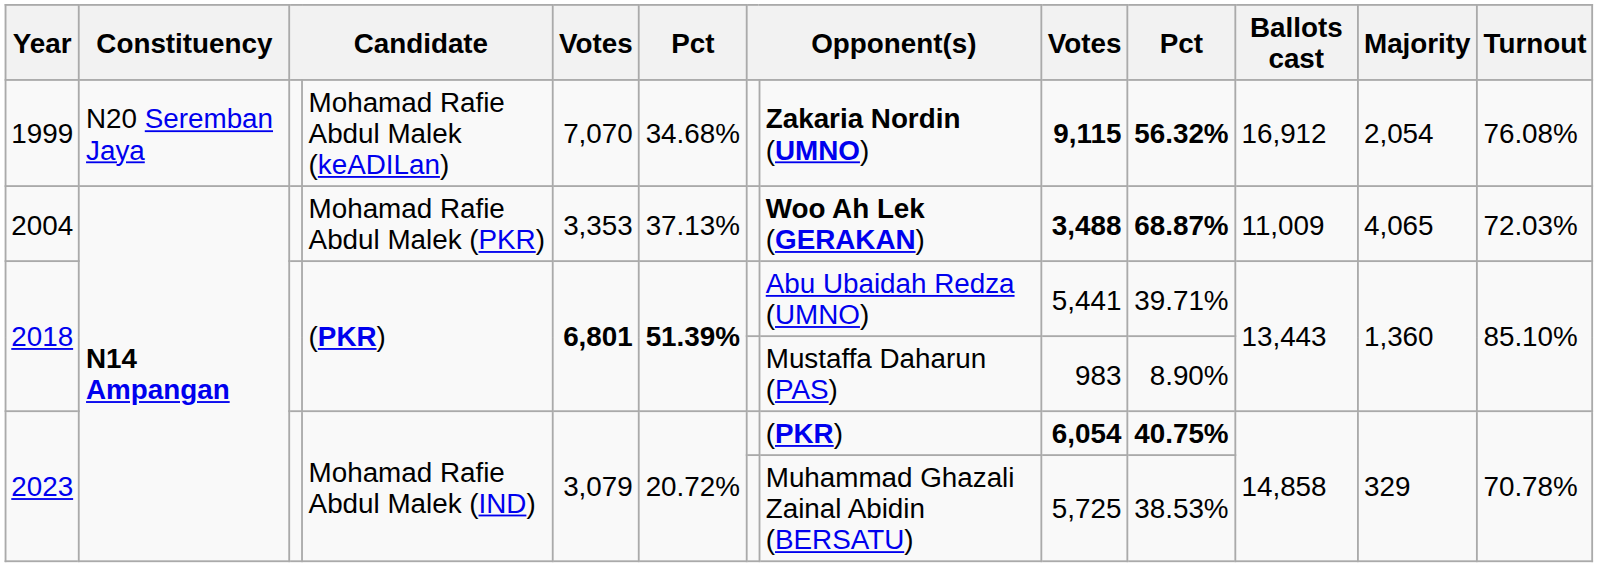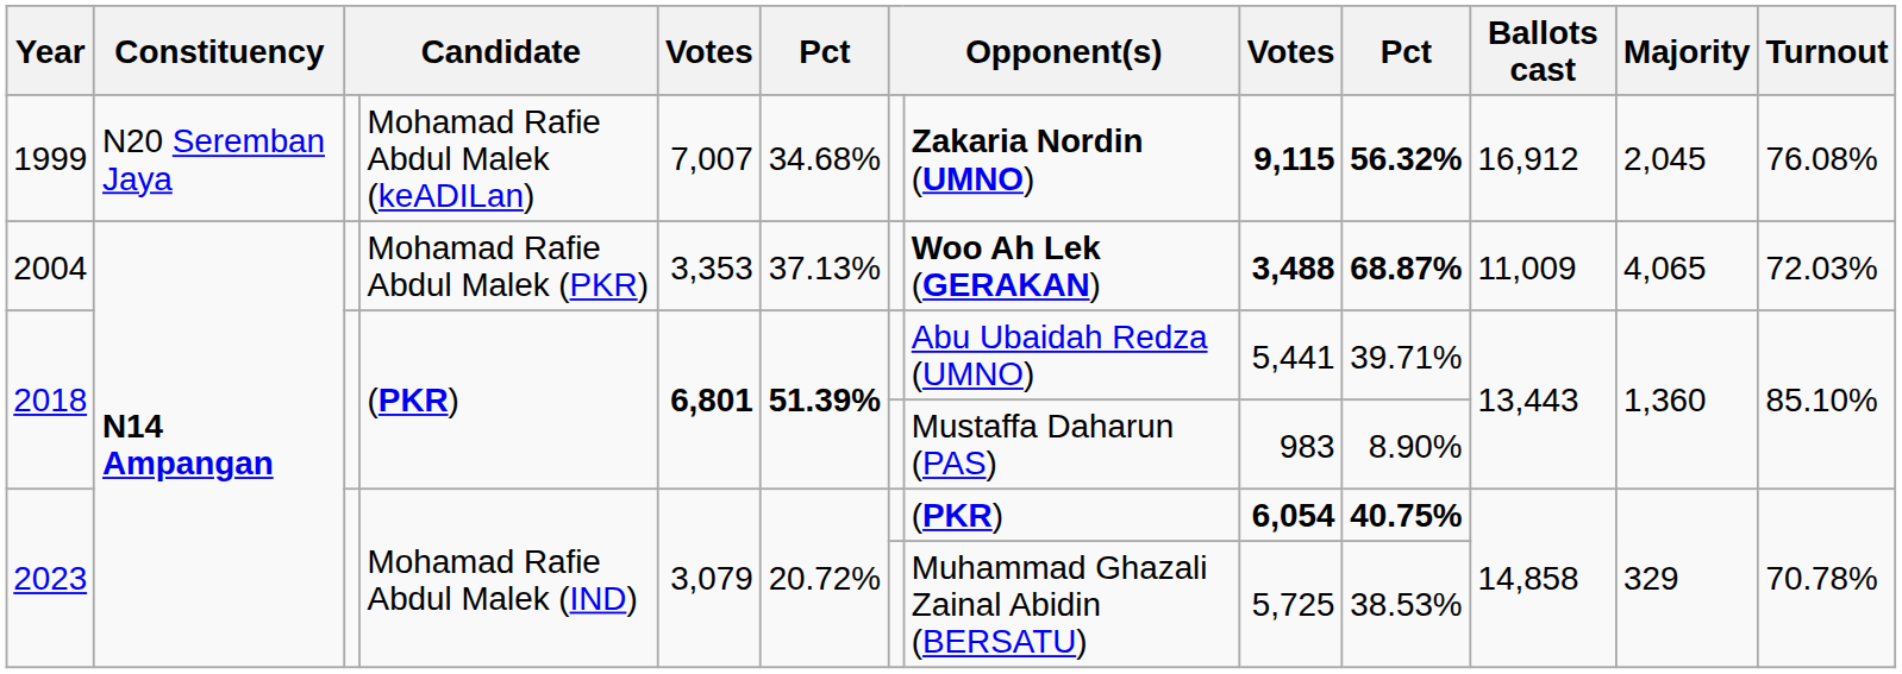 <table class="wikitable" style="margin:0.5em ; font-size:95%">
 <tr>
 <th>Year</th>
 <th>Constituency</th>
 <th colspan=2>Candidate</th>
 <th>Votes</th>
 <th>Pct</th>
 <th colspan=2>Opponent(s)</th>
 <th>Votes</th>
 <th>Pct</th>
 <th>Ballots cast</th>
 <th>Majority</th>
 <th>Turnout</th>
 </tr>
 <tr>
 <td>1999</td>
 <td>N20 <a href='#'>Seremban Jaya</a></td>
 <td></td>
 <td>Mohamad Rafie Abdul Malek (<a href='#'>keADILan</a>)</td>
-<td align="right">7,070</td>
+<td align="right">7,007</td>
 <td>34.68%</td>
 <td></td>
 <td><strong>Zakaria Nordin</strong> (<a href='#'><strong>UMNO</strong></a>)</td>
 <td align="right"><strong>9,115</strong></td>
 <td><strong>56.32%</strong></td>
 <td>16,912</td>
-<td>2,054</td>
+<td>2,045</td>
 <td>76.08%</td>
 </tr>
 <tr>
 <td>2004</td>
 <td rowspan=5><strong>N14 <a href='#'>Ampangan</a></strong></td>
 <td></td>
 <td>Mohamad Rafie Abdul Malek (<a href='#'>PKR</a>)</td>
 <td align="right">3,353</td>
 <td>37.13%</td>
 <td></td>
 <td><strong>Woo Ah Lek</strong> (<a href='#'><strong>GERAKAN</strong></a>)</td>
 <td align="right"><strong>3,488</strong></td>
 <td><strong>68.87%</strong></td>
 <td>11,009</td>
 <td>4,065</td>
 <td>72.03%</td>
 </tr>
 <tr>
 <td rowspan=2><a href='#'>2018</a></td>
 <td rowspan=2 ></td>
 <td rowspan=2> (<a href='#'><strong>PKR</strong></a>)</td>
 <td rowspan=2 align="right"><strong>6,801</strong></td>
 <td rowspan=2><strong>51.39%</strong></td>
 <td></td>
 <td><a href='#'>Abu Ubaidah Redza</a> (<a href='#'>UMNO</a>)</td>
 <td align="right">5,441</td>
 <td>39.71%</td>
 <td rowspan=2>13,443</td>
 <td rowspan=2>1,360</td>
 <td rowspan=2>85.10%</td>
 </tr>
 <tr>
 <td></td>
 <td>Mustaffa Daharun (<a href='#'>PAS</a>)</td>
 <td align="right">983</td>
 <td align="right">8.90%</td>
 </tr>
 <tr>
 <td rowspan=2><a href='#'>2023</a></td>
 <td rowspan=2 ></td>
 <td rowspan=2>Mohamad Rafie Abdul Malek (<a href='#'>IND</a>)</td>
 <td rowspan=2 align="right">3,079</td>
 <td rowspan=2 align="right">20.72%</td>
 <td></td>
 <td> (<a href='#'><strong>PKR</strong></a>)</td>
 <td align="right"><strong>6,054</strong></td>
 <td><strong>40.75%</strong></td>
 <td rowspan=2>14,858</td>
 <td rowspan=2>329</td>
 <td rowspan=2>70.78%</td>
 </tr>
 <tr>
 <td></td>
 <td>Muhammad Ghazali Zainal Abidin (<a href='#'>BERSATU</a>)</td>
 <td align="right">5,725</td>
 <td align="right">38.53%</td>
 </tr>
 </table>
